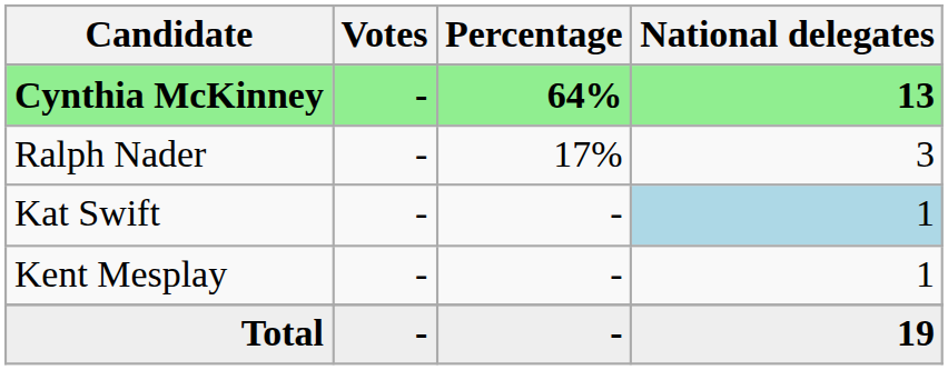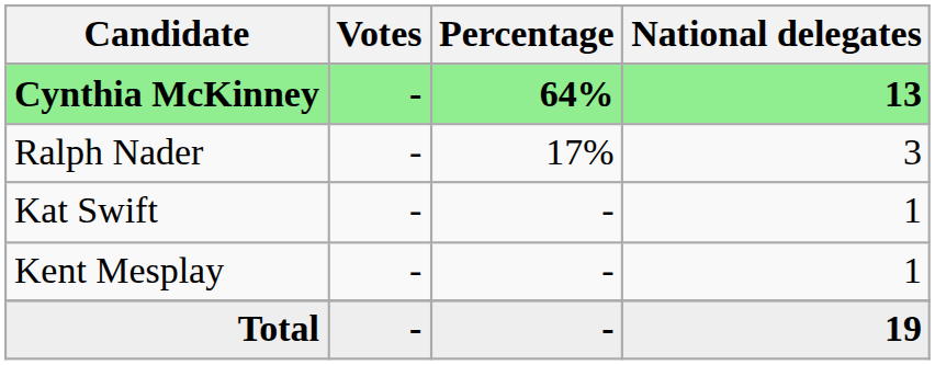 <table class="wikitable" style=" text-align:right;">
 <tr>
 <th>Candidate</th>
 <th>Votes</th>
 <th>Percentage</th>
 <th>National delegates</th>
 </tr>
 <tr style="background:lightgreen;">
 <td style="text-align:left;"><strong>Cynthia McKinney</strong></td>
 <td><strong>-</strong></td>
 <td><strong>64%</strong></td>
 <td><strong>13</strong></td>
 </tr>
 <tr>
 <td style="text-align:left;">Ralph Nader</td>
 <td>-</td>
 <td>17%</td>
 <td>3</td>
 </tr>
 <tr>
 <td style="text-align:left;">Kat Swift</td>
 <td>-</td>
 <td>-</td>
-<td style="background: lightblue;">1</td>
+<td>1</td>
 </tr>
 <tr>
 <td style="text-align:left;">Kent Mesplay</td>
 <td>-</td>
 <td>-</td>
 <td>1</td>
 </tr>
 <tr>
 </tr>
 <tr style="background:#eee;">
 <td style="margin-right:0.50px"><strong>Total</strong></td>
 <td style="margin-right:0.50px"><strong>-</strong></td>
 <td style="margin-right:0.50px"><strong>-</strong></td>
 <td style="margin-right:0.50px"><strong>19</strong></td>
 </tr>
 </table>
